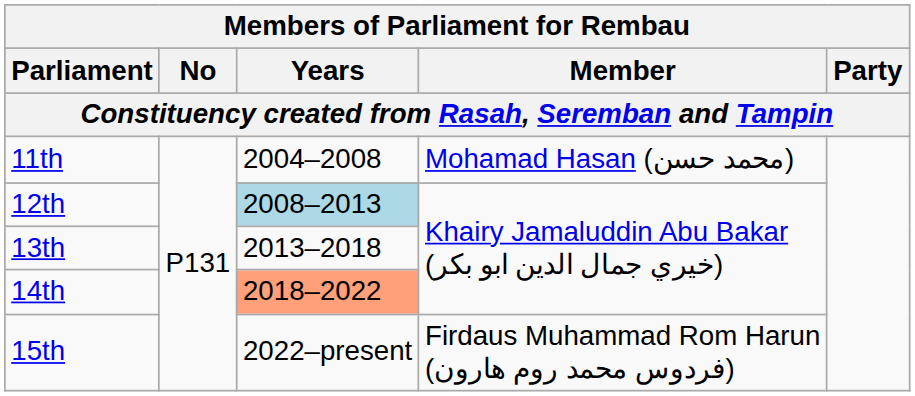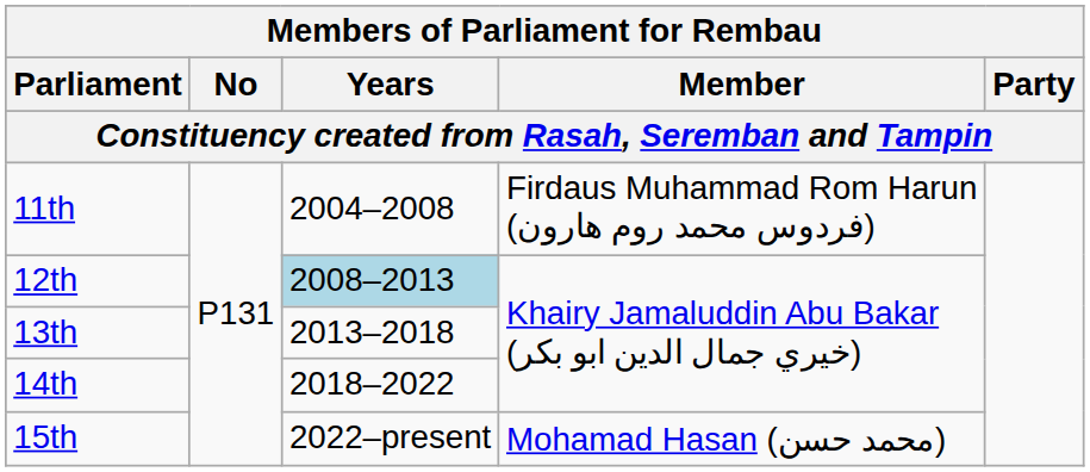 <table class=wikitable>
 <tr>
 <th colspan="5">Members of Parliament for Rembau</th>
 </tr>
 <tr>
 <th>Parliament</th>
 <th>No</th>
 <th>Years</th>
 <th>Member</th>
 <th>Party</th>
 </tr>
 <tr>
 <th colspan="5" align="center"><em>Constituency created from <a href='#'>Rasah</a>, <a href='#'>Seremban</a> and <a href='#'>Tampin</a></em></th>
 </tr>
 <tr>
 <td><a href='#'>11th</a></td>
 <td rowspan="5">P131</td>
 <td>2004–2008</td>
-<td><a href='#'>Mohamad Hasan</a> (محمد حسن)</td>
+<td>Firdaus Muhammad Rom Harun <br> (فردوس محمد روم هارون)</td>
 <td rowspan=5></td>
 </tr>
 <tr>
 <td><a href='#'>12th</a></td>
 <td style="background: lightblue;">2008–2013</td>
 <td rowspan=3><a href='#'>Khairy Jamaluddin Abu Bakar</a> <br> (خيري جمال الدين ابو بكر)</td>
 </tr>
 <tr>
 <td><a href='#'>13th</a></td>
 <td>2013–2018</td>
 </tr>
 <tr>
 <td><a href='#'>14th</a></td>
-<td style="background: lightsalmon;">2018–2022</td>
+<td>2018–2022</td>
 </tr>
 <tr>
 <td><a href='#'>15th</a></td>
 <td>2022–present</td>
-<td>Firdaus Muhammad Rom Harun <br> (فردوس محمد روم هارون)</td>
+<td><a href='#'>Mohamad Hasan</a> (محمد حسن)</td>
 </tr>
 </table>
